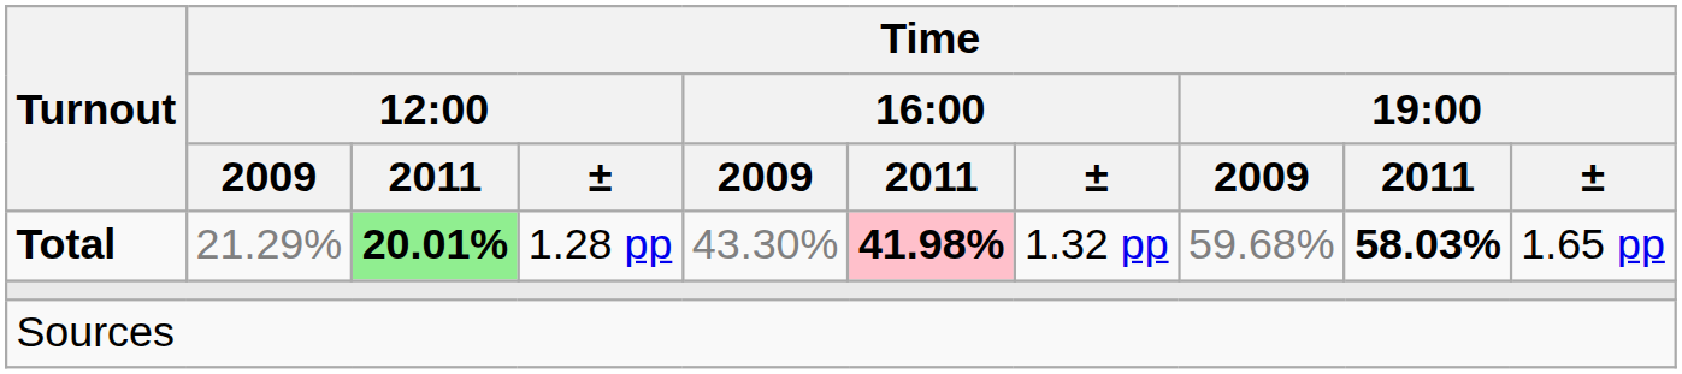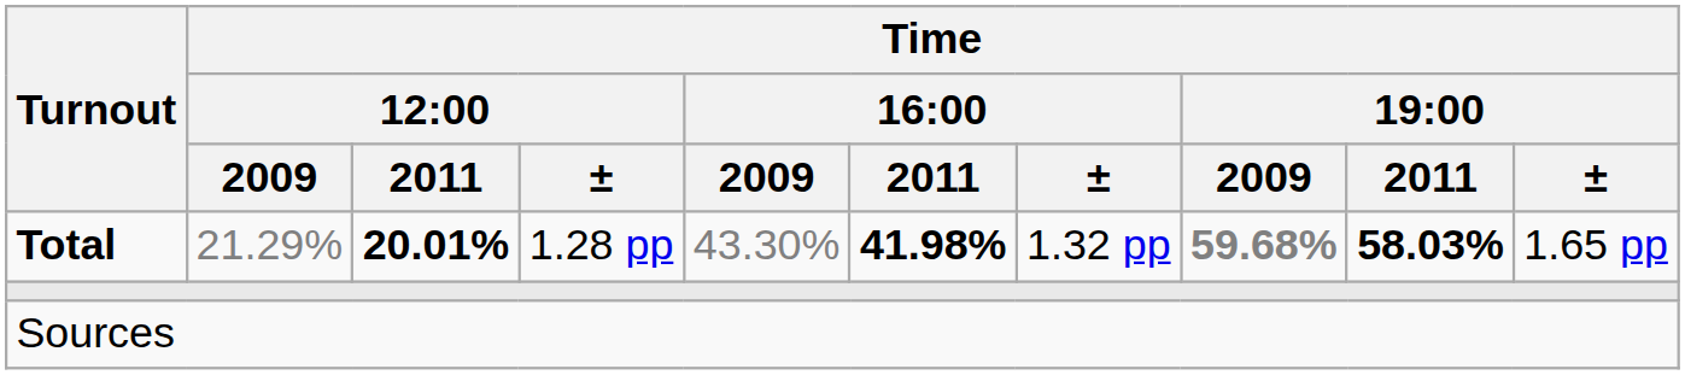 <table class="wikitable sortable" style="text-align:right;">
 <tr>
 <th rowspan="3">Turnout</th>
 <th colspan="9">Time</th>
 </tr>
 <tr>
 <th colspan="3">12:00</th>
 <th colspan="3">16:00</th>
 <th colspan="3">19:00</th>
 </tr>
 <tr>
 <th>2009</th>
 <th>2011</th>
 <th>±</th>
 <th>2009</th>
 <th>2011</th>
 <th>±</th>
 <th>2009</th>
 <th>2011</th>
 <th>±</th>
 </tr>
 <tr>
 <td align="left"><strong>Total</strong></td>
 <td style="color:gray;">21.29%</td>
-<td style="background: lightgreen;"><strong>20.01%</strong></td>
+<td><strong>20.01%</strong></td>
 <td> 1.28 <a href='#'>pp</a></td>
 <td style="color:gray;">43.30%</td>
-<td style="background: pink;"><strong>41.98%</strong></td>
+<td><strong>41.98%</strong></td>
 <td> 1.32 <a href='#'>pp</a></td>
-<td style="color:gray;">59.68%</td>
+<td style="color:gray;"><strong>59.68%</strong></td>
 <td><strong>58.03%</strong></td>
 <td> 1.65 <a href='#'>pp</a></td>
 </tr>
 <tr>
 <td colspan="10" bgcolor="#E9E9E9"></td>
 </tr>
 <tr>
 <td align="left" colspan="10">Sources</td>
 </tr>
 </table>
